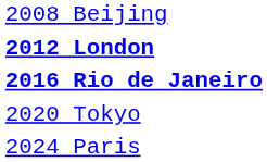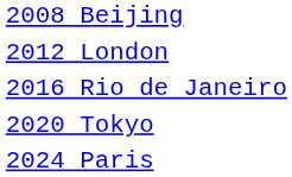 <table>
 <tr>
 <td><a href='#'>2008 Beijing</a><br></td>
 <td></td>
 <td></td>
 <td></td>
 </tr>
 <tr>
-<td><strong><a href='#'>2012 London</a><br></strong></td>
+<td><a href='#'>2012 London</a><br></td>
 <td></td>
 <td></td>
 <td></td>
 </tr>
 <tr>
-<td><strong><a href='#'>2016 Rio de Janeiro</a><br></strong></td>
+<td><a href='#'>2016 Rio de Janeiro</a><br></td>
 <td></td>
 <td></td>
 <td></td>
 </tr>
 <tr>
 <td><a href='#'>2020 Tokyo</a><br></td>
 <td></td>
 <td></td>
 <td></td>
 </tr>
 <tr>
 <td><a href='#'>2024 Paris</a><br></td>
 <td></td>
 <td></td>
 <td></td>
 </tr>
 <tr>
 </tr>
 </table>
